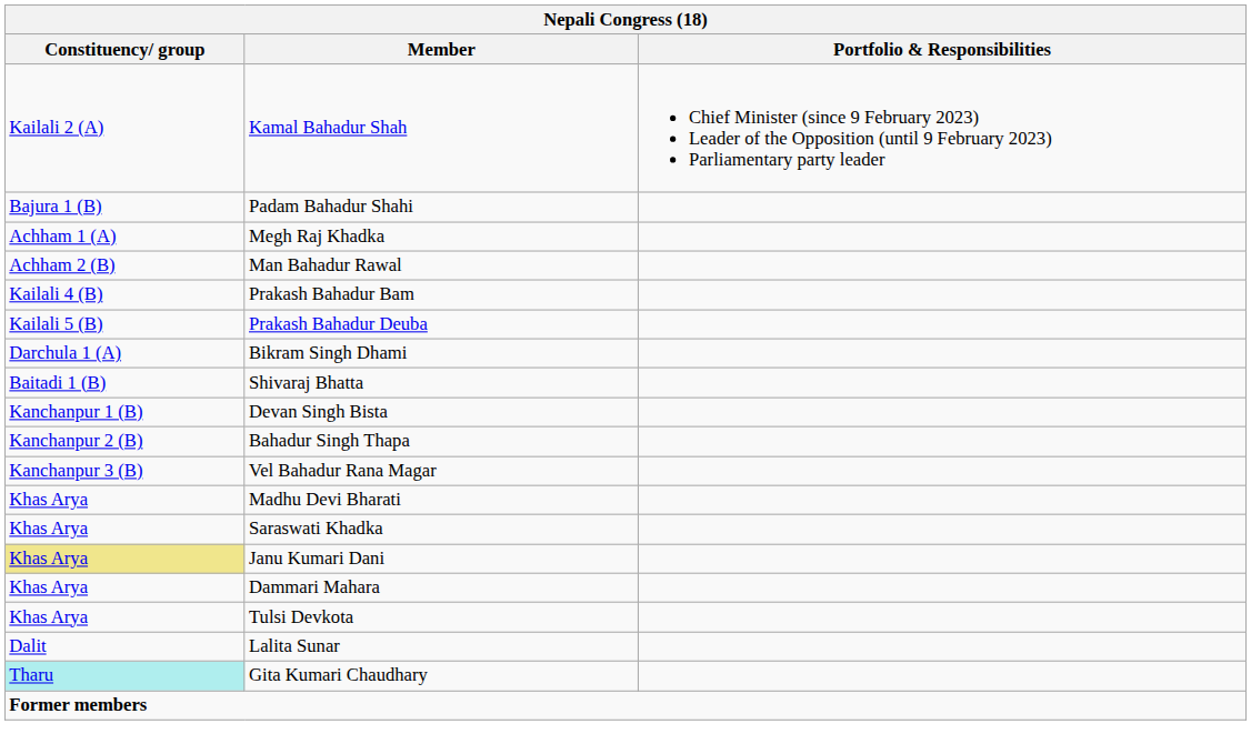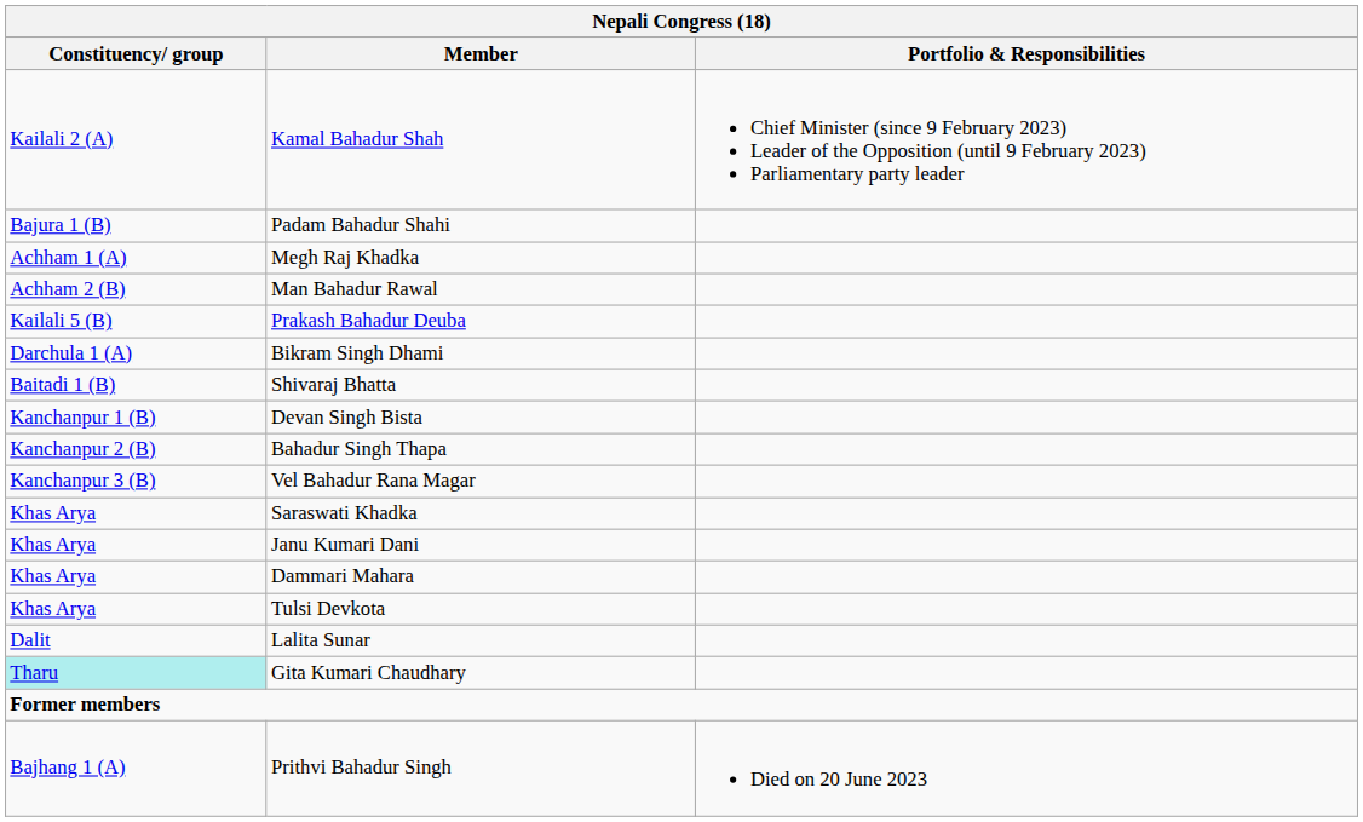 <table class="wikitable sortable mw-collapsible mw-collapsed">
 <tr>
 <th colspan="3" style="width: 800pt; background:">Nepali Congress (18)</th>
 </tr>
 <tr>
 <th style="width:150pt;">Constituency/ group</th>
 <th style="width:250pt;">Member</th>
 <th>Portfolio & Responsibilities</th>
 </tr>
 <tr>
 <td><a href='#'>Kailali 2 (A)</a></td>
 <td><a href='#'>Kamal Bahadur Shah</a></td>
 <td><br><ul><li>Chief Minister (since 9 February 2023)</li><li>Leader of the Opposition (until 9 February 2023)</li><li>Parliamentary party leader</li></ul></td>
 </tr>
 <tr>
 <td><a href='#'>Bajura 1 (B)</a></td>
 <td>Padam Bahadur Shahi</td>
 <td></td>
 </tr>
 <tr>
 <td><a href='#'>Achham 1 (A)</a></td>
 <td>Megh Raj Khadka</td>
 <td></td>
 </tr>
 <tr>
 <td><a href='#'>Achham 2 (B)</a></td>
 <td>Man Bahadur Rawal</td>
-<td></td>
-</tr>
-<tr>
-<td><a href='#'>Kailali 4 (B)</a></td>
-<td>Prakash Bahadur Bam</td>
 <td></td>
 </tr>
 <tr>
 <td><a href='#'>Kailali 5 (B)</a></td>
 <td><a href='#'>Prakash Bahadur Deuba</a></td>
 <td></td>
 </tr>
 <tr>
 <td><a href='#'>Darchula 1 (A)</a></td>
 <td>Bikram Singh Dhami</td>
 <td></td>
 </tr>
 <tr>
 <td><a href='#'>Baitadi 1 (B)</a></td>
 <td>Shivaraj Bhatta</td>
 <td></td>
 </tr>
 <tr>
 <td><a href='#'>Kanchanpur 1 (B)</a></td>
 <td>Devan Singh Bista</td>
 <td></td>
 </tr>
 <tr>
 <td><a href='#'>Kanchanpur 2 (B)</a></td>
 <td>Bahadur Singh Thapa</td>
 <td></td>
 </tr>
 <tr>
 <td><a href='#'>Kanchanpur 3 (B)</a></td>
 <td>Vel Bahadur Rana Magar</td>
 <td></td>
 </tr>
 <tr>
 <td><a href='#'>Khas Arya</a></td>
-<td>Madhu Devi Bharati</td>
+<td>Saraswati Khadka</td>
 <td></td>
 </tr>
 <tr>
 <td><a href='#'>Khas Arya</a></td>
-<td>Saraswati Khadka</td>
-<td></td>
-</tr>
-<tr>
-<td style="background: khaki;"><a href='#'>Khas Arya</a></td>
 <td>Janu Kumari Dani</td>
 <td></td>
 </tr>
 <tr>
 <td><a href='#'>Khas Arya</a></td>
 <td>Dammari Mahara</td>
 <td></td>
 </tr>
 <tr>
 <td><a href='#'>Khas Arya</a></td>
 <td>Tulsi Devkota</td>
 <td></td>
 </tr>
 <tr>
 <td><a href='#'>Dalit</a></td>
 <td>Lalita Sunar</td>
 <td></td>
 </tr>
 <tr>
 <td style="background: paleturquoise;"><a href='#'>Tharu</a></td>
 <td>Gita Kumari Chaudhary</td>
 <td></td>
 </tr>
 <tr>
 <td colspan="3"><strong>Former members</strong></td>
 </tr>
+<tr>
+<td><a href='#'>Bajhang 1 (A)</a></td>
+<td>Prithvi Bahadur Singh</td>
+<td><br><ul><li>Died on 20 June 2023</li></ul></td>
+</tr>
 </table>
